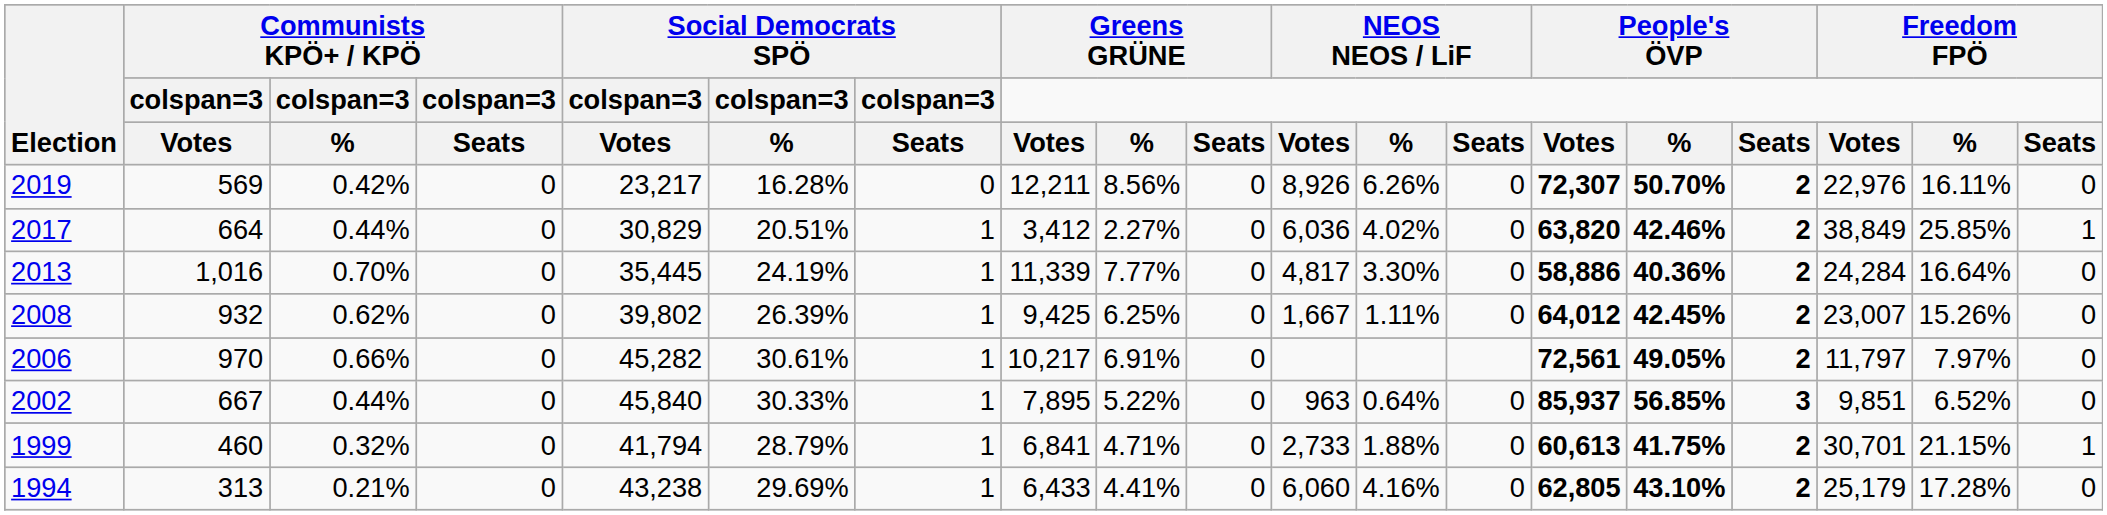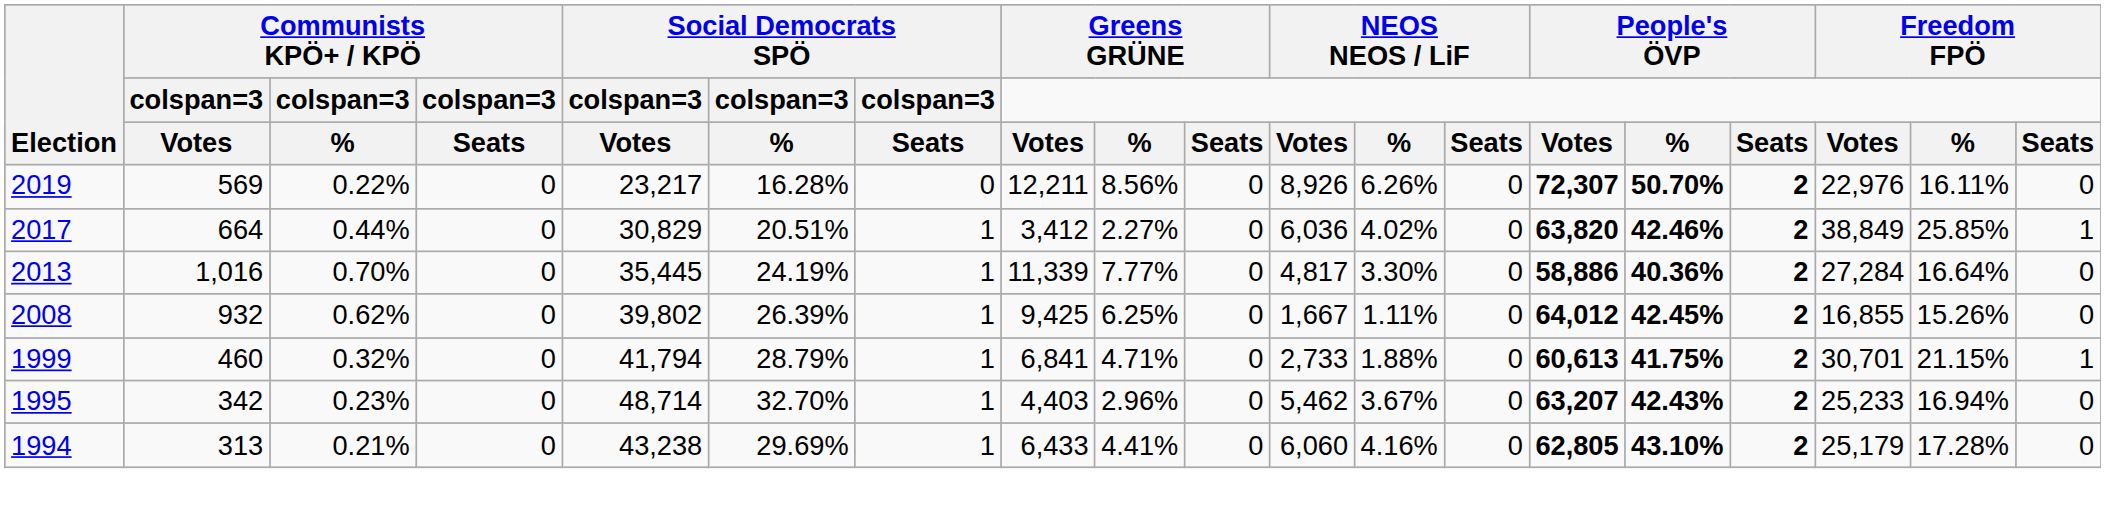 <table class="wikitable" border="1" style="font-size:100%; text-align:right;">
 <tr>
 <th style="text-align:left;" valign=bottom rowspan=3>Election</th>
 <th valign=bottom colspan=3><a href='#'>Communists</a><br>KPÖ+ / KPÖ</th>
 <th valign=bottom colspan=3><a href='#'>Social Democrats</a><br>SPÖ</th>
 <th valign=bottom colspan=3><a href='#'>Greens</a><br>GRÜNE</th>
 <th valign=bottom colspan=3><a href='#'>NEOS</a><br>NEOS / LiF</th>
 <th valign=bottom colspan=3><a href='#'>People's</a><br>ÖVP</th>
 <th valign=bottom colspan=3><a href='#'>Freedom</a><br>FPÖ</th>
 </tr>
 <tr>
 <th>colspan=3 </th>
 <th>colspan=3 </th>
 <th>colspan=3 </th>
 <th>colspan=3 </th>
 <th>colspan=3 </th>
 <th>colspan=3 </th>
 </tr>
 <tr>
 <th>Votes</th>
 <th>%</th>
 <th>Seats</th>
 <th>Votes</th>
 <th>%</th>
 <th>Seats</th>
 <th>Votes</th>
 <th>%</th>
 <th>Seats</th>
 <th>Votes</th>
 <th>%</th>
 <th>Seats</th>
 <th>Votes</th>
 <th>%</th>
 <th>Seats</th>
 <th>Votes</th>
 <th>%</th>
 <th>Seats</th>
 </tr>
 <tr>
 <td align=left><a href='#'>2019</a></td>
 <td>569</td>
-<td>0.42%</td>
+<td>0.22%</td>
 <td>0</td>
 <td>23,217</td>
 <td>16.28%</td>
 <td>0</td>
 <td>12,211</td>
 <td>8.56%</td>
 <td>0</td>
 <td>8,926</td>
 <td>6.26%</td>
 <td>0</td>
 <td><strong>72,307</strong></td>
 <td><strong>50.70%</strong></td>
 <td><strong>2</strong></td>
 <td>22,976</td>
 <td>16.11%</td>
 <td>0</td>
 </tr>
 <tr>
 <td align=left><a href='#'>2017</a></td>
 <td>664</td>
 <td>0.44%</td>
 <td>0</td>
 <td>30,829</td>
 <td>20.51%</td>
 <td>1</td>
 <td>3,412</td>
 <td>2.27%</td>
 <td>0</td>
 <td>6,036</td>
 <td>4.02%</td>
 <td>0</td>
 <td><strong>63,820</strong></td>
 <td><strong>42.46%</strong></td>
 <td><strong>2</strong></td>
 <td>38,849</td>
 <td>25.85%</td>
 <td>1</td>
 </tr>
 <tr>
 <td align=left><a href='#'>2013</a></td>
 <td>1,016</td>
 <td>0.70%</td>
 <td>0</td>
 <td>35,445</td>
 <td>24.19%</td>
 <td>1</td>
 <td>11,339</td>
 <td>7.77%</td>
 <td>0</td>
 <td>4,817</td>
 <td>3.30%</td>
 <td>0</td>
 <td><strong>58,886</strong></td>
 <td><strong>40.36%</strong></td>
 <td><strong>2</strong></td>
-<td>24,284</td>
+<td>27,284</td>
 <td>16.64%</td>
 <td>0</td>
 </tr>
 <tr>
 <td align=left><a href='#'>2008</a></td>
 <td>932</td>
 <td>0.62%</td>
 <td>0</td>
 <td>39,802</td>
 <td>26.39%</td>
 <td>1</td>
 <td>9,425</td>
 <td>6.25%</td>
 <td>0</td>
 <td>1,667</td>
 <td>1.11%</td>
 <td>0</td>
 <td><strong>64,012</strong></td>
 <td><strong>42.45%</strong></td>
 <td><strong>2</strong></td>
-<td>23,007</td>
+<td>16,855</td>
 <td>15.26%</td>
-<td>0</td>
-</tr>
-<tr>
-<td align=left><a href='#'>2006</a></td>
-<td>970</td>
-<td>0.66%</td>
-<td>0</td>
-<td>45,282</td>
-<td>30.61%</td>
-<td>1</td>
-<td>10,217</td>
-<td>6.91%</td>
-<td>0</td>
-<td></td>
-<td></td>
-<td></td>
-<td><strong>72,561</strong></td>
-<td><strong>49.05%</strong></td>
-<td><strong>2</strong></td>
-<td>11,797</td>
-<td>7.97%</td>
-<td>0</td>
-</tr>
-<tr>
-<td align=left><a href='#'>2002</a></td>
-<td>667</td>
-<td>0.44%</td>
-<td>0</td>
-<td>45,840</td>
-<td>30.33%</td>
-<td>1</td>
-<td>7,895</td>
-<td>5.22%</td>
-<td>0</td>
-<td>963</td>
-<td>0.64%</td>
-<td>0</td>
-<td><strong>85,937</strong></td>
-<td><strong>56.85%</strong></td>
-<td><strong>3</strong></td>
-<td>9,851</td>
-<td>6.52%</td>
 <td>0</td>
 </tr>
 <tr>
 <td align=left><a href='#'>1999</a></td>
 <td>460</td>
 <td>0.32%</td>
 <td>0</td>
 <td>41,794</td>
 <td>28.79%</td>
 <td>1</td>
 <td>6,841</td>
 <td>4.71%</td>
 <td>0</td>
 <td>2,733</td>
 <td>1.88%</td>
 <td>0</td>
 <td><strong>60,613</strong></td>
 <td><strong>41.75%</strong></td>
 <td><strong>2</strong></td>
 <td>30,701</td>
 <td>21.15%</td>
 <td>1</td>
 </tr>
 <tr>
+<td align=left><a href='#'>1995</a></td>
+<td>342</td>
+<td>0.23%</td>
+<td>0</td>
+<td>48,714</td>
+<td>32.70%</td>
+<td>1</td>
+<td>4,403</td>
+<td>2.96%</td>
+<td>0</td>
+<td>5,462</td>
+<td>3.67%</td>
+<td>0</td>
+<td><strong>63,207</strong></td>
+<td><strong>42.43%</strong></td>
+<td><strong>2</strong></td>
+<td>25,233</td>
+<td>16.94%</td>
+<td>0</td>
+</tr>
+<tr>
 <td align=left><a href='#'>1994</a></td>
 <td>313</td>
 <td>0.21%</td>
 <td>0</td>
 <td>43,238</td>
 <td>29.69%</td>
 <td>1</td>
 <td>6,433</td>
 <td>4.41%</td>
 <td>0</td>
 <td>6,060</td>
 <td>4.16%</td>
 <td>0</td>
 <td><strong>62,805</strong></td>
 <td><strong>43.10%</strong></td>
 <td><strong>2</strong></td>
 <td>25,179</td>
 <td>17.28%</td>
 <td>0</td>
 </tr>
 </table>
